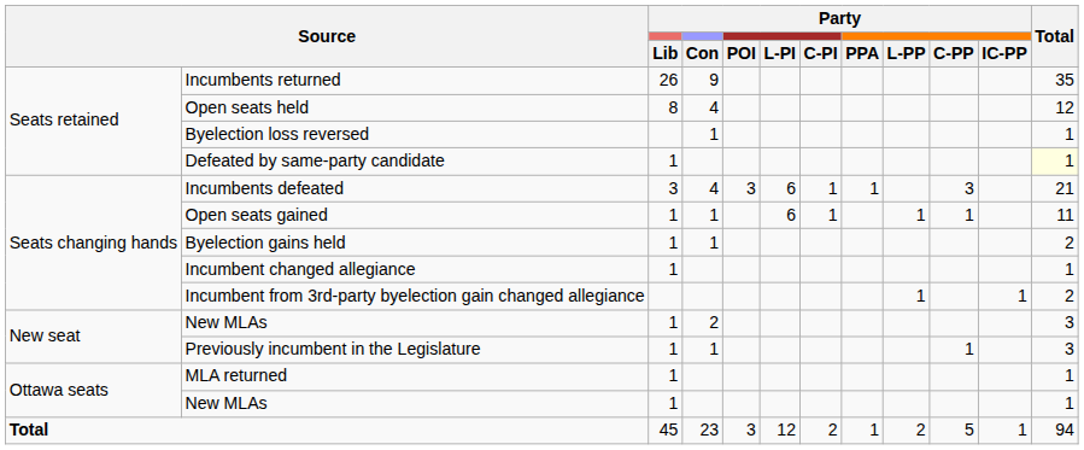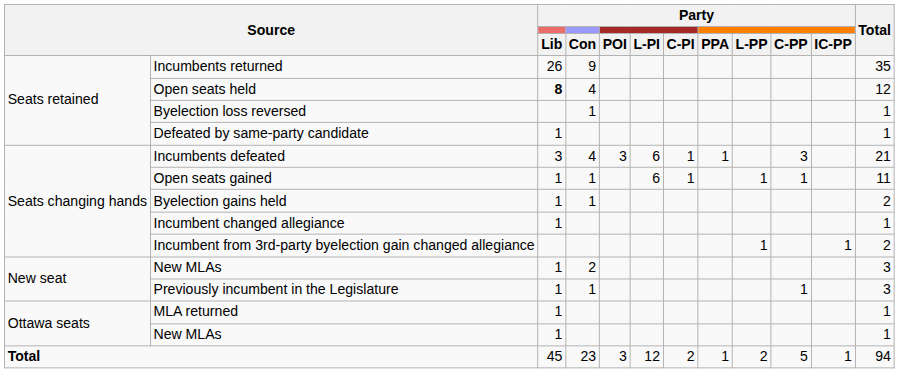 <table class="wikitable" style="text-align:right;">
 <tr>
 <th colspan="2" rowspan="3">Source</th>
 <th colspan="9">Party</th>
 <th rowspan="3">Total</th>
 </tr>
 <tr>
 <th scope="col" style="background-color:#EA6D6A;"></th>
 <th scope="col" style="background-color:#9999FF;"></th>
 <th scope="col" colspan="3" style="background-color:#A52A2A;"></th>
 <th scope="col" colspan="4" style="background-color:#FF8000;"></th>
 </tr>
 <tr>
 <th>Lib</th>
 <th>Con</th>
 <th>POI</th>
 <th>L-PI</th>
 <th>C-PI</th>
 <th>PPA</th>
 <th>L-PP</th>
 <th>C-PP</th>
 <th>IC-PP</th>
 </tr>
 <tr>
 <td rowspan="4" style="text-align:left;">Seats retained</td>
 <td style="text-align:left;">Incumbents returned</td>
 <td>26</td>
 <td>9</td>
 <td></td>
 <td></td>
 <td></td>
 <td></td>
 <td></td>
 <td></td>
 <td></td>
 <td>35</td>
 </tr>
 <tr>
 <td style="text-align:left;">Open seats held</td>
-<td>8</td>
+<td><strong>8</strong></td>
 <td>4</td>
 <td></td>
 <td></td>
 <td></td>
 <td></td>
 <td></td>
 <td></td>
 <td></td>
 <td>12</td>
 </tr>
 <tr>
 <td style="text-align:left;">Byelection loss reversed</td>
 <td></td>
 <td>1</td>
 <td></td>
 <td></td>
 <td></td>
 <td></td>
 <td></td>
 <td></td>
 <td></td>
 <td>1</td>
 </tr>
 <tr>
 <td style="text-align:left;">Defeated by same-party candidate</td>
 <td>1</td>
 <td></td>
 <td></td>
 <td></td>
 <td></td>
 <td></td>
 <td></td>
 <td></td>
 <td></td>
-<td style="background: lightyellow;">1</td>
+<td>1</td>
 </tr>
 <tr>
 <td rowspan="5" style="text-align:left;">Seats changing hands</td>
 <td style="text-align:left;">Incumbents defeated</td>
 <td>3</td>
 <td>4</td>
 <td>3</td>
 <td>6</td>
 <td>1</td>
 <td>1</td>
 <td></td>
 <td>3</td>
 <td></td>
 <td>21</td>
 </tr>
 <tr>
 <td style="text-align:left;">Open seats gained</td>
 <td>1</td>
 <td>1</td>
 <td></td>
 <td>6</td>
 <td>1</td>
 <td></td>
 <td>1</td>
 <td>1</td>
 <td></td>
 <td>11</td>
 </tr>
 <tr>
 <td style="text-align:left;">Byelection gains held</td>
 <td>1</td>
 <td>1</td>
 <td></td>
 <td></td>
 <td></td>
 <td></td>
 <td></td>
 <td></td>
 <td></td>
 <td>2</td>
 </tr>
 <tr>
 <td style="text-align:left;">Incumbent changed allegiance</td>
 <td>1</td>
 <td></td>
 <td></td>
 <td></td>
 <td></td>
 <td></td>
 <td></td>
 <td></td>
 <td></td>
 <td>1</td>
 </tr>
 <tr>
 <td style="text-align:left;">Incumbent from 3rd-party byelection gain changed allegiance</td>
 <td></td>
 <td></td>
 <td></td>
 <td></td>
 <td></td>
 <td></td>
 <td>1</td>
 <td></td>
 <td>1</td>
 <td>2</td>
 </tr>
 <tr>
 <td rowspan="2" style="text-align:left;">New seat</td>
 <td style="text-align:left;">New MLAs</td>
 <td>1</td>
 <td>2</td>
 <td></td>
 <td></td>
 <td></td>
 <td></td>
 <td></td>
 <td></td>
 <td></td>
 <td>3</td>
 </tr>
 <tr>
 <td style="text-align:left;">Previously incumbent in the Legislature</td>
 <td>1</td>
 <td>1</td>
 <td></td>
 <td></td>
 <td></td>
 <td></td>
 <td></td>
 <td>1</td>
 <td></td>
 <td>3</td>
 </tr>
 <tr>
 <td rowspan="2" style="text-align:left;">Ottawa seats</td>
 <td style="text-align:left;">MLA returned</td>
 <td>1</td>
 <td></td>
 <td></td>
 <td></td>
 <td></td>
 <td></td>
 <td></td>
 <td></td>
 <td></td>
 <td>1</td>
 </tr>
 <tr>
 <td style="text-align:left;">New MLAs</td>
 <td>1</td>
 <td></td>
 <td></td>
 <td></td>
 <td></td>
 <td></td>
 <td></td>
 <td></td>
 <td></td>
 <td>1</td>
 </tr>
 <tr>
 <td colspan="2" style="text-align:left;"><strong>Total</strong></td>
 <td>45</td>
 <td>23</td>
 <td>3</td>
 <td>12</td>
 <td>2</td>
 <td>1</td>
 <td>2</td>
 <td>5</td>
 <td>1</td>
 <td>94</td>
 </tr>
 </table>
